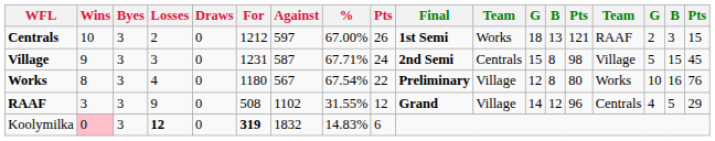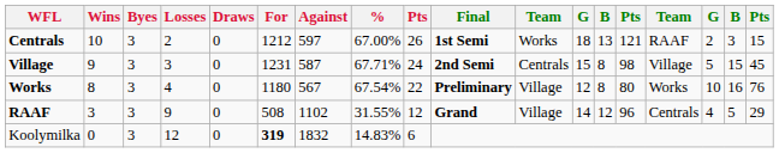 <table class="wikitable">
 <tr>
 <th style="color:crimson">WFL</th>
 <th style="color:crimson">Wins</th>
 <th style="color:crimson">Byes</th>
 <th style="color:crimson">Losses</th>
 <th style="color:crimson">Draws</th>
 <th style="color:crimson">For</th>
 <th style="color:crimson">Against</th>
 <th style="color:crimson">%</th>
 <th style="color:crimson">Pts</th>
 <th style="color:green">Final</th>
 <th style="color:green">Team</th>
 <th style="color:green">G</th>
 <th style="color:green">B</th>
 <th style="color:green">Pts</th>
 <th style="color:green">Team</th>
 <th style="color:green">G</th>
 <th style="color:green">B</th>
 <th style="color:green">Pts</th>
 </tr>
 <tr>
 <td><strong>	Centrals	</strong></td>
 <td>10</td>
 <td>3</td>
 <td>2</td>
 <td>0</td>
 <td>1212</td>
 <td>597</td>
 <td>67.00%</td>
 <td>26</td>
 <td><strong>1st Semi</strong></td>
 <td>Works</td>
 <td>18</td>
 <td>13</td>
 <td>121</td>
 <td>RAAF</td>
 <td>2</td>
 <td>3</td>
 <td>15</td>
 </tr>
 <tr>
 <td><strong>	Village	</strong></td>
 <td>9</td>
 <td>3</td>
 <td>3</td>
 <td>0</td>
 <td>1231</td>
 <td>587</td>
 <td>67.71%</td>
 <td>24</td>
 <td><strong>2nd Semi</strong></td>
 <td>Centrals</td>
 <td>15</td>
 <td>8</td>
 <td>98</td>
 <td>Village</td>
 <td>5</td>
 <td>15</td>
 <td>45</td>
 </tr>
 <tr>
 <td><strong>	Works	</strong></td>
 <td>8</td>
 <td>3</td>
 <td>4</td>
 <td>0</td>
 <td>1180</td>
 <td>567</td>
 <td>67.54%</td>
 <td>22</td>
 <td><strong>Preliminary</strong></td>
 <td>Village</td>
 <td>12</td>
 <td>8</td>
 <td>80</td>
 <td>Works</td>
 <td>10</td>
 <td>16</td>
 <td>76</td>
 </tr>
 <tr>
 <td><strong>	RAAF	</strong></td>
 <td>3</td>
 <td>3</td>
 <td>9</td>
 <td>0</td>
 <td>508</td>
 <td>1102</td>
 <td>31.55%</td>
 <td>12</td>
 <td><strong>Grand</strong></td>
 <td>Village</td>
 <td>14</td>
 <td>12</td>
 <td>96</td>
 <td>Centrals</td>
 <td>4</td>
 <td>5</td>
 <td>29</td>
 </tr>
 <tr>
 <td>Koolymilka</td>
-<td style="background: pink;">0</td>
+<td>0</td>
 <td>3</td>
-<td><strong>12</strong></td>
+<td>12</td>
 <td>0</td>
 <td><strong>319</strong></td>
 <td>1832</td>
 <td>14.83%</td>
 <td>6</td>
 </tr>
 </table>
